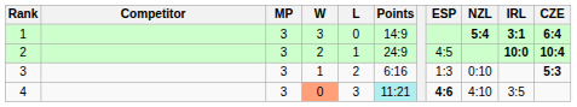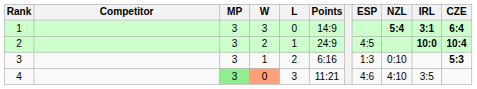 <table class="wikitable" style="text-align:center">
 <tr>
 <th>Rank</th>
 <th style="width:18em">Competitor</th>
 <th style="width:2.5em">MP</th>
 <th style="width:2.5em">W</th>
 <th style="width:2.5em">L</th>
 <th>Points</th>
 <th rowspan="5"> </th>
 <th style="width:2.5em">ESP</th>
 <th style="width:2.5em">NZL</th>
 <th style="width:2.5em">IRL</th>
 <th style="width:2.5em">CZE</th>
 </tr>
 <tr style="background:#cfc;">
 <td>1</td>
 <td style="text-align:left"><br></td>
 <td>3</td>
 <td>3</td>
 <td>0</td>
 <td>14:9</td>
 <td></td>
 <td><strong>5:4</strong></td>
 <td><strong>3:1</strong></td>
 <td><strong>6:4</strong></td>
 </tr>
 <tr style="background:#cfc;">
 <td>2</td>
 <td style="text-align:left"><br></td>
 <td>3</td>
 <td>2</td>
 <td>1</td>
 <td>24:9</td>
 <td>4:5</td>
 <td></td>
 <td><strong>10:0</strong></td>
 <td><strong>10:4</strong></td>
 </tr>
 <tr>
 <td>3</td>
 <td style="text-align:left"><br></td>
 <td>3</td>
 <td>1</td>
 <td>2</td>
 <td>6:16</td>
 <td>1:3</td>
 <td>0:10</td>
 <td></td>
 <td><strong>5:3</strong></td>
 </tr>
 <tr>
 <td>4</td>
 <td style="text-align:left"><br></td>
-<td>3</td>
+<td style="background: lightgreen;">3</td>
 <td style="background: lightsalmon;">0</td>
 <td>3</td>
-<td style="background: paleturquoise;">11:21</td>
-<td><strong>4:6</strong></td>
+<td>11:21</td>
+<td>4:6</td>
 <td>4:10</td>
 <td>3:5</td>
 <td></td>
 </tr>
 </table>
